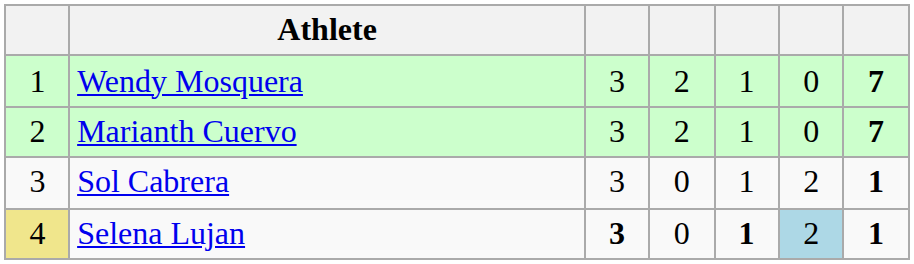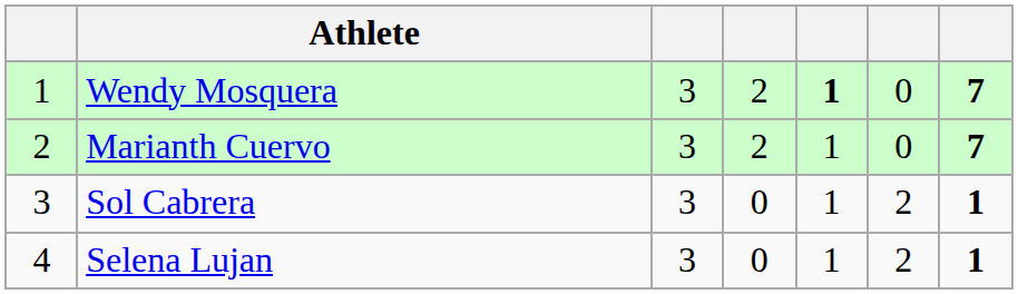 <table class="wikitable" style="text-align: center; font-size:100% ">
 <tr>
 <th width=25></th>
 <th width=250>Athlete</th>
 <th width=25></th>
 <th width=25></th>
 <th width=25></th>
 <th width=25></th>
 <th width=25></th>
 </tr>
 <tr bgcolor="ccffcc">
 <td>1</td>
 <td align=left> <a href='#'>Wendy Mosquera</a></td>
 <td>3</td>
 <td>2</td>
-<td>1</td>
+<td><strong>1</strong></td>
 <td>0</td>
 <td><strong>7</strong></td>
 </tr>
 <tr bgcolor="ccffcc">
 <td>2</td>
 <td align=left> <a href='#'>Marianth Cuervo</a></td>
 <td>3</td>
 <td>2</td>
 <td>1</td>
 <td>0</td>
 <td><strong>7</strong></td>
 </tr>
 <tr>
 <td>3</td>
 <td align=left> <a href='#'>Sol Cabrera</a></td>
 <td>3</td>
 <td>0</td>
 <td>1</td>
 <td>2</td>
 <td><strong>1</strong></td>
 </tr>
 <tr>
-<td style="background: khaki;">4</td>
+<td>4</td>
 <td align=left> <a href='#'>Selena Lujan</a></td>
-<td><strong>3</strong></td>
+<td>3</td>
 <td>0</td>
-<td><strong>1</strong></td>
-<td style="background: lightblue;">2</td>
+<td>1</td>
+<td>2</td>
 <td><strong>1</strong></td>
 </tr>
 <tr>
 </tr>
 </table>
